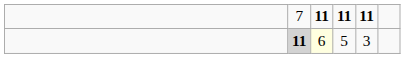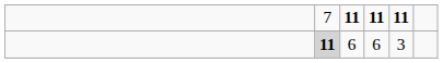 <table class="wikitable">
 <tr>
 <td style="width:18em"><strong></strong></td>
 <td align=center style="width:1em">7</td>
 <td align=center style="width:1em"><strong>11</strong></td>
 <td align=center style="width:1em"><strong>11</strong></td>
 <td align=center style="width:1em"><strong>11</strong></td>
 <td align=center style="width:1em"></td>
 </tr>
 <tr>
 <td style="width:18em"></td>
 <td align=center style="background: lightgrey; width:1em"><strong>11</strong></td>
-<td align=center style="background: lightyellow; width:1em">6</td>
-<td align=center style="width:1em">5</td>
+<td align=center style="width:1em">6</td>
+<td align=center style="width:1em">6</td>
 <td align=center style="width:1em">3</td>
 <td align=center style="width:1em"></td>
 </tr>
 </table>
